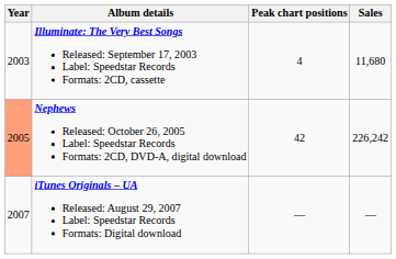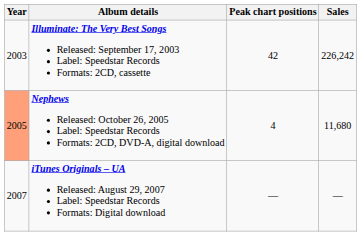 <table class="wikitable">
 <tr>
 <th>Year</th>
 <th>Album details</th>
 <th>Peak chart positions</th>
 <th>Sales</th>
 </tr>
 <tr>
 <td align="center">2003</td>
 <td><strong><em><a href='#'>Illuminate: The Very Best Songs</a></em></strong><br><ul><li>Released: September 17, 2003</li><li>Label: Speedstar Records</li><li>Formats: 2CD, cassette</li></ul></td>
-<td align="center">4</td>
-<td align="center">11,680</td>
+<td align="center">42</td>
+<td align="center">226,242</td>
 </tr>
 <tr>
 <td align="center" style="background: lightsalmon;">2005</td>
 <td><strong><em><a href='#'>Nephews</a></em></strong><br><ul><li>Released: October 26, 2005</li><li>Label: Speedstar Records</li><li>Formats: 2CD, DVD-A, digital download</li></ul></td>
-<td align="center">42</td>
-<td align="center">226,242</td>
+<td align="center">4</td>
+<td align="center">11,680</td>
 </tr>
 <tr>
 <td align="center">2007</td>
 <td><strong><em><a href='#'>iTunes Originals – UA</a></em></strong><br><ul><li>Released: August 29, 2007</li><li>Label: Speedstar Records</li><li>Formats: Digital download</li></ul></td>
 <td align="center">—</td>
 <td align="center">—</td>
 </tr>
 </table>
